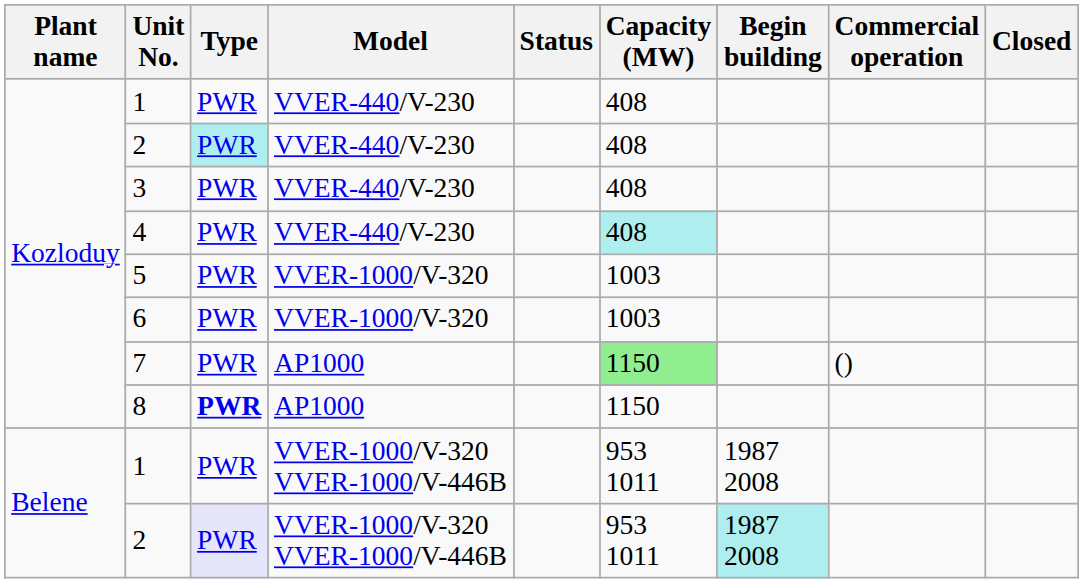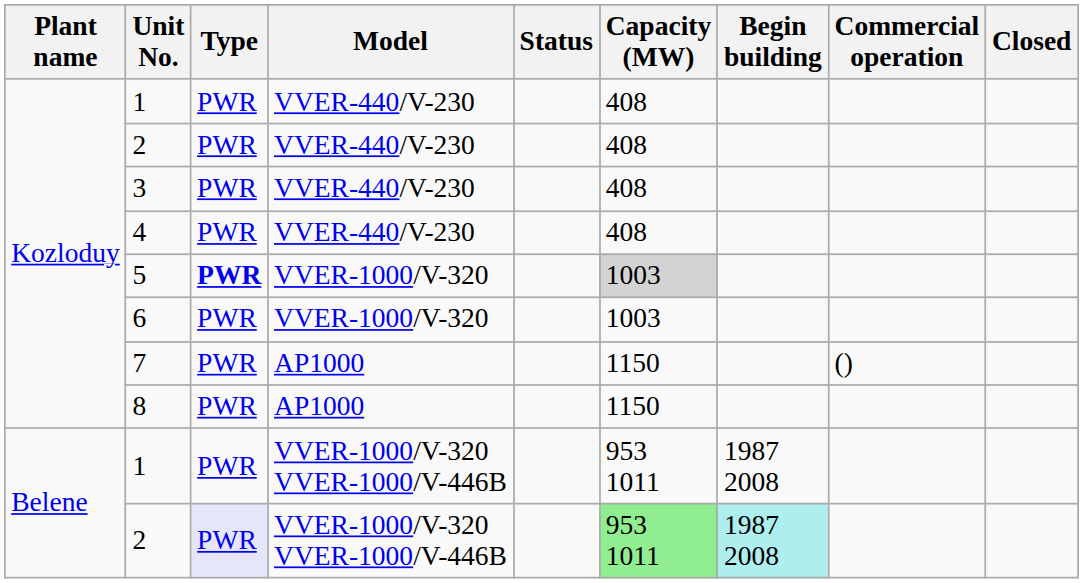 <table class="wikitable sortable mw-datatable">
 <tr>
 <th>Plant<br>name</th>
 <th>Unit<br>No.</th>
 <th>Type</th>
 <th>Model</th>
 <th>Status</th>
 <th>Capacity<br>(MW)</th>
 <th>Begin<br>building</th>
 <th>Commercial<br>operation</th>
 <th>Closed</th>
 </tr>
 <tr>
 <td rowspan=8><a href='#'>Kozloduy</a></td>
 <td>1</td>
 <td><a href='#'>PWR</a></td>
 <td><a href='#'>VVER-440</a>/V-230</td>
 <td></td>
 <td>408</td>
 <td></td>
 <td></td>
 <td></td>
 </tr>
 <tr>
 <td>2</td>
-<td style="background: paleturquoise;"><a href='#'>PWR</a></td>
+<td><a href='#'>PWR</a></td>
 <td><a href='#'>VVER-440</a>/V-230</td>
 <td></td>
 <td>408</td>
 <td></td>
 <td></td>
 <td></td>
 </tr>
 <tr>
 <td>3</td>
 <td><a href='#'>PWR</a></td>
 <td><a href='#'>VVER-440</a>/V-230</td>
 <td></td>
 <td>408</td>
 <td></td>
 <td></td>
 <td></td>
 </tr>
 <tr>
 <td>4</td>
 <td><a href='#'>PWR</a></td>
 <td><a href='#'>VVER-440</a>/V-230</td>
 <td></td>
-<td style="background: paleturquoise;">408</td>
+<td>408</td>
 <td></td>
 <td></td>
 <td></td>
 </tr>
 <tr>
 <td>5</td>
-<td><a href='#'>PWR</a></td>
+<td><strong><a href='#'>PWR</a></strong></td>
 <td><a href='#'>VVER-1000</a>/V-320</td>
 <td></td>
-<td>1003</td>
+<td style="background: lightgrey;">1003</td>
 <td></td>
 <td></td>
 <td></td>
 </tr>
 <tr>
 <td>6</td>
 <td><a href='#'>PWR</a></td>
 <td><a href='#'>VVER-1000</a>/V-320</td>
 <td></td>
 <td>1003</td>
 <td></td>
 <td></td>
 <td></td>
 </tr>
 <tr>
 <td>7</td>
 <td><a href='#'>PWR</a></td>
 <td><a href='#'>AP1000</a></td>
 <td></td>
-<td style="background: lightgreen;">1150</td>
+<td>1150</td>
 <td></td>
 <td>()</td>
 <td></td>
 </tr>
 <tr>
 <td>8</td>
-<td><strong><a href='#'>PWR</a></strong></td>
+<td><a href='#'>PWR</a></td>
 <td><a href='#'>AP1000</a></td>
 <td></td>
 <td>1150</td>
 <td></td>
 <td></td>
 <td></td>
 </tr>
 <tr>
 <td rowspan=2><a href='#'>Belene</a></td>
 <td>1</td>
 <td><a href='#'>PWR</a></td>
 <td><a href='#'>VVER-1000</a>/V-320<br><a href='#'>VVER-1000</a>/V-446B</td>
 <td></td>
 <td>953<br>1011</td>
 <td>1987<br>2008</td>
 <td></td>
 <td></td>
 </tr>
 <tr>
 <td>2</td>
 <td style="background: lavender;"><a href='#'>PWR</a></td>
 <td><a href='#'>VVER-1000</a>/V-320<br><a href='#'>VVER-1000</a>/V-446B</td>
 <td></td>
-<td>953<br>1011</td>
+<td style="background: lightgreen;">953<br>1011</td>
 <td style="background: paleturquoise;">1987<br>2008</td>
 <td></td>
 <td></td>
 </tr>
 </table>
